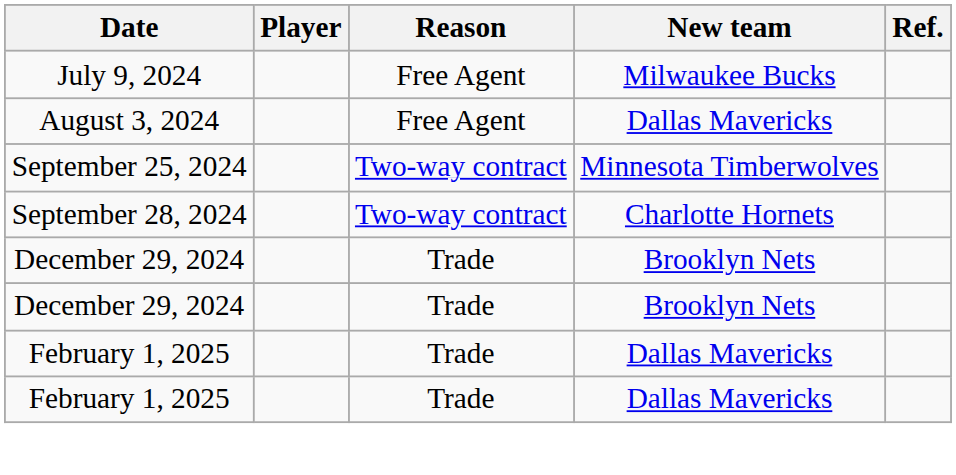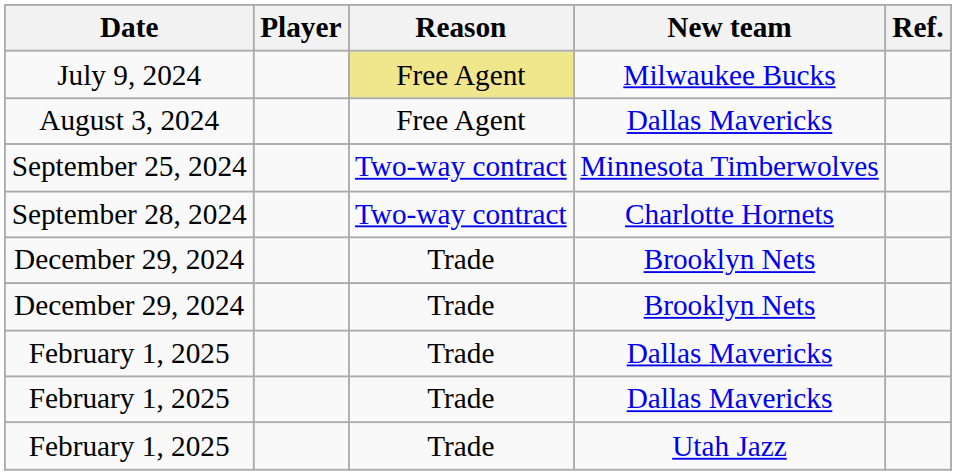 <table class="wikitable sortable sortable" style="text-align: center">
 <tr>
 <th>Date</th>
 <th>Player</th>
 <th>Reason</th>
 <th>New team</th>
 <th>Ref.</th>
 </tr>
 <tr>
 <td>July 9, 2024</td>
 <td></td>
-<td>Free Agent</td>
+<td style="background: khaki;">Free Agent</td>
 <td><a href='#'>Milwaukee Bucks</a></td>
 <td align="center"></td>
 </tr>
 <tr>
 <td>August 3, 2024</td>
 <td></td>
 <td>Free Agent</td>
 <td><a href='#'>Dallas Mavericks</a></td>
 <td align="center"></td>
 </tr>
 <tr>
 <td>September 25, 2024</td>
 <td></td>
 <td><a href='#'>Two-way contract</a></td>
 <td><a href='#'>Minnesota Timberwolves</a></td>
 <td align="center"></td>
 </tr>
 <tr>
 <td>September 28, 2024</td>
 <td></td>
 <td><a href='#'>Two-way contract</a></td>
 <td><a href='#'>Charlotte Hornets</a></td>
 <td align="center"></td>
 </tr>
 <tr>
 <td>December 29, 2024</td>
 <td></td>
 <td>Trade</td>
 <td><a href='#'>Brooklyn Nets</a></td>
 <td align="center"></td>
 </tr>
 <tr>
 <td>December 29, 2024</td>
 <td></td>
 <td>Trade</td>
 <td><a href='#'>Brooklyn Nets</a></td>
 <td align="center"></td>
 </tr>
 <tr>
 <td>February 1, 2025</td>
 <td></td>
 <td>Trade</td>
 <td><a href='#'>Dallas Mavericks</a></td>
 <td align="center"></td>
 </tr>
 <tr>
 <td>February 1, 2025</td>
 <td></td>
 <td>Trade</td>
 <td><a href='#'>Dallas Mavericks</a></td>
 <td align="center"></td>
 </tr>
+<tr>
+<td>February 1, 2025</td>
+<td></td>
+<td>Trade</td>
+<td><a href='#'>Utah Jazz</a></td>
+<td align="center"></td>
+</tr>
 </table>
